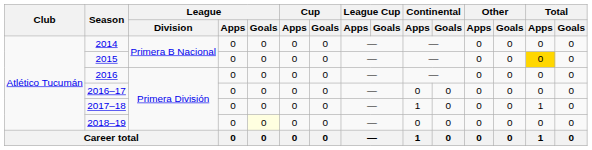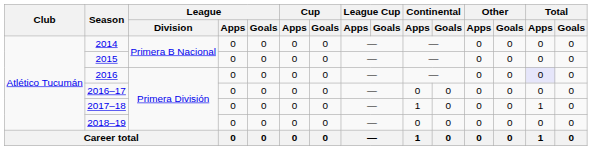 <table class="wikitable" style="text-align:center">
 <tr>
 <th rowspan="2">Club</th>
 <th rowspan="2">Season</th>
 <th colspan="3">League</th>
 <th colspan="2">Cup</th>
 <th colspan="2">League Cup</th>
 <th colspan="2">Continental</th>
 <th colspan="2">Other</th>
 <th colspan="2">Total</th>
 </tr>
 <tr>
 <th>Division</th>
 <th>Apps</th>
 <th>Goals</th>
 <th>Apps</th>
 <th>Goals</th>
 <th>Apps</th>
 <th>Goals</th>
 <th>Apps</th>
 <th>Goals</th>
 <th>Apps</th>
 <th>Goals</th>
 <th>Apps</th>
 <th>Goals</th>
 </tr>
 <tr>
 <td rowspan="6"><a href='#'>Atlético Tucumán</a></td>
 <td><a href='#'>2014</a></td>
 <td rowspan="2"><a href='#'>Primera B Nacional</a></td>
 <td>0</td>
 <td>0</td>
 <td>0</td>
 <td>0</td>
 <td colspan="2">—</td>
 <td colspan="2">—</td>
 <td>0</td>
 <td>0</td>
 <td>0</td>
 <td>0</td>
 </tr>
 <tr>
 <td><a href='#'>2015</a></td>
 <td>0</td>
 <td>0</td>
 <td>0</td>
 <td>0</td>
 <td colspan="2">—</td>
 <td colspan="2">—</td>
 <td>0</td>
 <td>0</td>
-<td style="background: gold;">0</td>
+<td>0</td>
 <td>0</td>
 </tr>
 <tr>
 <td><a href='#'>2016</a></td>
 <td rowspan="4"><a href='#'>Primera División</a></td>
 <td>0</td>
 <td>0</td>
 <td>0</td>
 <td>0</td>
 <td colspan="2">—</td>
 <td colspan="2">—</td>
 <td>0</td>
 <td>0</td>
-<td>0</td>
+<td style="background: lavender;">0</td>
 <td>0</td>
 </tr>
 <tr>
 <td><a href='#'>2016–17</a></td>
 <td>0</td>
 <td>0</td>
 <td>0</td>
 <td>0</td>
 <td colspan="2">—</td>
 <td>0</td>
 <td>0</td>
 <td>0</td>
 <td>0</td>
 <td>0</td>
 <td>0</td>
 </tr>
 <tr>
 <td><a href='#'>2017–18</a></td>
 <td>0</td>
 <td>0</td>
 <td>0</td>
 <td>0</td>
 <td colspan="2">—</td>
 <td>1</td>
 <td>0</td>
 <td>0</td>
 <td>0</td>
 <td>1</td>
 <td>0</td>
 </tr>
 <tr>
 <td><a href='#'>2018–19</a></td>
 <td>0</td>
-<td style="background: lightyellow;">0</td>
+<td>0</td>
 <td>0</td>
 <td>0</td>
 <td colspan="2">—</td>
 <td>0</td>
 <td>0</td>
 <td>0</td>
 <td>0</td>
 <td>0</td>
 <td>0</td>
 </tr>
 <tr>
 <th colspan="3">Career total</th>
 <th>0</th>
 <th>0</th>
 <th>0</th>
 <th>0</th>
 <th colspan="2">—</th>
 <th>1</th>
 <th>0</th>
 <th>0</th>
 <th>0</th>
 <th>1</th>
 <th>0</th>
 </tr>
 </table>
